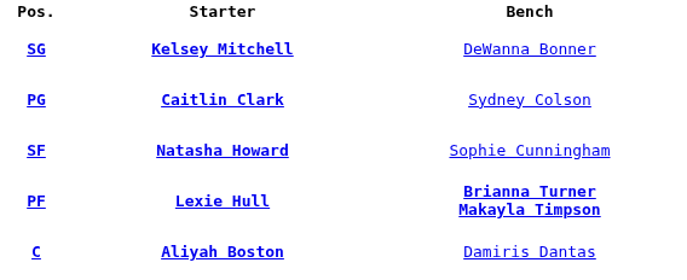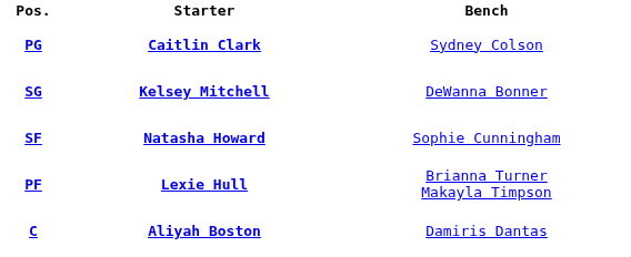 <table style="text-align:center; ">
 <tr>
 <th width="50">Pos.</th>
 <th width="250">Starter</th>
 <th width="250">Bench</th>
 </tr>
 <tr style="height:40px; background:white; color:#092C57">
+<th><a href='#'><span>PG</span></a></th>
+<td><strong><a href='#'>Caitlin Clark</a></strong></td>
+<td><a href='#'>Sydney Colson</a></td>
+</tr>
+<tr style="height:40px; background:white; color:#092C57">
 <th><a href='#'><span>SG</span></a></th>
 <td><strong><a href='#'>Kelsey Mitchell</a></strong></td>
 <td><a href='#'>DeWanna Bonner</a></td>
-</tr>
-<tr style="height:40px; background:white; color:#092C57">
-<th><a href='#'><span>PG</span></a></th>
-<td><strong><a href='#'>Caitlin Clark</a></strong></td>
-<td><a href='#'>Sydney Colson</a></td>
 </tr>
 <tr style="height:40px; background:white; color:#092C57">
 <th><a href='#'><span>SF</span></a></th>
 <td><strong><a href='#'>Natasha Howard</a></strong></td>
 <td><a href='#'> Sophie Cunningham</a></td>
 </tr>
 <tr style="height:40px; background:white; color:#092C57">
 <th><a href='#'><span>PF</span></a></th>
 <td><strong><a href='#'>Lexie Hull</a></strong></td>
-<td><strong><a href='#'>Brianna Turner</a><br><a href='#'>Makayla Timpson</a></strong></td>
+<td><a href='#'>Brianna Turner</a><br><a href='#'>Makayla Timpson</a></td>
 </tr>
 <tr style="height:40px; background:white; color:#092C57">
 <th><a href='#'><span>C</span></a></th>
 <td><strong><a href='#'>Aliyah Boston</a></strong></td>
 <td><a href='#'>Damiris Dantas</a></td>
 </tr>
 </table>
